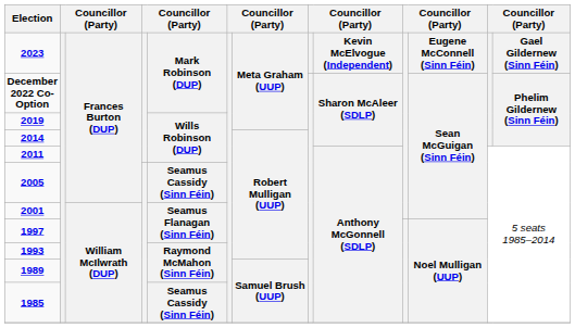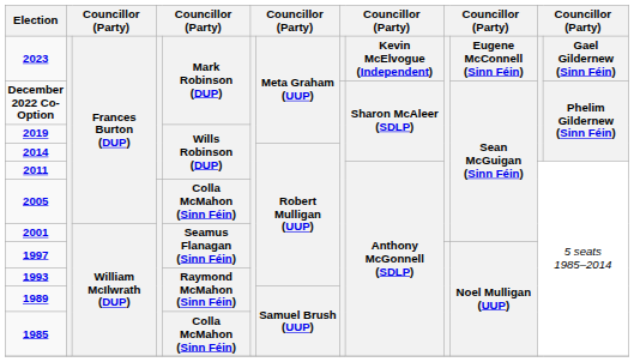 <table class="wikitable" style="text-align:center">
 <tr>
 <th scope="col" width="50">Election</th>
 <th scope="col" width="150" colspan = "2">Councillor<br> (Party)</th>
 <th scope="col" width="150" colspan = "2">Councillor<br> (Party)</th>
 <th scope="col" width="150" colspan = "2">Councillor<br> (Party)</th>
 <th scope="col" width="150" colspan = "2">Councillor<br> (Party)</th>
 <th scope="col" width="150" colspan = "2">Councillor<br> (Party)</th>
 <th scope="col" width="150" colspan = "2">Councillor<br> (Party)</th>
 </tr>
 <tr>
 <td><strong><a href='#'>2023</a></strong></td>
 <th rowspan="11" width="1" style="background-color: "></th>
 <th rowspan = "6">Frances Burton <br> (<a href='#'>DUP</a>)</th>
 <th rowspan="5" width="1" style="background-color: "></th>
 <th rowspan = "2">Mark Robinson <br> (<a href='#'>DUP</a>)</th>
 <th rowspan="11" width="1" style="background-color: "></th>
 <th rowspan = "3">Meta Graham <br> (<a href='#'>UUP</a>)</th>
 <th rowspan="1" width="1" style="background-color: "></th>
 <th rowspan = "1">Kevin McElvogue <br> (<a href='#'>Independent</a>)</th>
 <th rowspan="7" width="1" style="background-color: "></th>
 <th rowspan = "1">Eugene McConnell <br> (<a href='#'>Sinn Féin</a>)</th>
 <th rowspan="4" width="1" style="background-color: "></th>
 <th rowspan = "1">Gael Gildernew <br> (<a href='#'>Sinn Féin</a>)</th>
 </tr>
 <tr>
 <td><strong>December 2022 Co-Option</strong></td>
 <th rowspan="10" width="1" style="background-color: "></th>
 <th rowspan = "3">Sharon McAleer <br> (<a href='#'>SDLP</a>)</th>
 <th rowspan = "6">Sean McGuigan <br> (<a href='#'>Sinn Féin</a>)</th>
 <th rowspan = "3">Phelim Gildernew <br> (<a href='#'>Sinn Féin</a>)</th>
 </tr>
 <tr>
 <td><strong><a href='#'>2019</a></strong></td>
 <th rowspan = "3">Wills Robinson <br> (<a href='#'>DUP</a>)</th>
 </tr>
 <tr>
 <td><strong><a href='#'>2014</a></strong></td>
 <th rowspan = "6">Robert Mulligan <br> (<a href='#'>UUP</a>)</th>
 </tr>
 <tr>
 <td><strong><a href='#'>2011</a></strong></td>
 <th rowspan = "7">Anthony McGonnell <br> (<a href='#'>SDLP</a>)</th>
 <td colspan="2" rowspan="7" style="background-color:#FFFFFF"><em>5 seats<br>1985–2014</em></td>
 </tr>
 <tr>
 <td><strong><a href='#'>2005</a></strong></td>
 <th rowspan="6" width="1" style="background-color: "></th>
-<th rowspan = "1">Seamus Cassidy <br> (<a href='#'>Sinn Féin</a>)</th>
+<th rowspan = "1">Colla McMahon <br> (<a href='#'>Sinn Féin</a>)</th>
 </tr>
 <tr>
 <td><strong><a href='#'>2001</a></strong></td>
 <th rowspan = "5">William McIlwrath <br> (<a href='#'>DUP</a>)</th>
 <th rowspan = "2">Seamus Flanagan <br> (<a href='#'>Sinn Féin</a>)</th>
 </tr>
 <tr>
 <td><strong><a href='#'>1997</a></strong></td>
 <th rowspan="4" width="1" style="background-color: "></th>
 <th rowspan = "4">Noel Mulligan <br> (<a href='#'>UUP</a>)</th>
 </tr>
 <tr>
 <td><strong><a href='#'>1993</a></strong></td>
 <th rowspan = "2">Raymond McMahon <br> (<a href='#'>Sinn Féin</a>)</th>
 </tr>
 <tr>
 <td><strong><a href='#'>1989</a></strong></td>
 <th rowspan = "2">Samuel Brush <br> (<a href='#'>UUP</a>)</th>
 </tr>
 <tr>
 <td><strong><a href='#'>1985</a></strong></td>
-<th rowspan = "1">Seamus Cassidy <br> (<a href='#'>Sinn Féin</a>)</th>
+<th rowspan = "1">Colla McMahon <br> (<a href='#'>Sinn Féin</a>)</th>
 </tr>
 <tr>
 </tr>
 </table>
